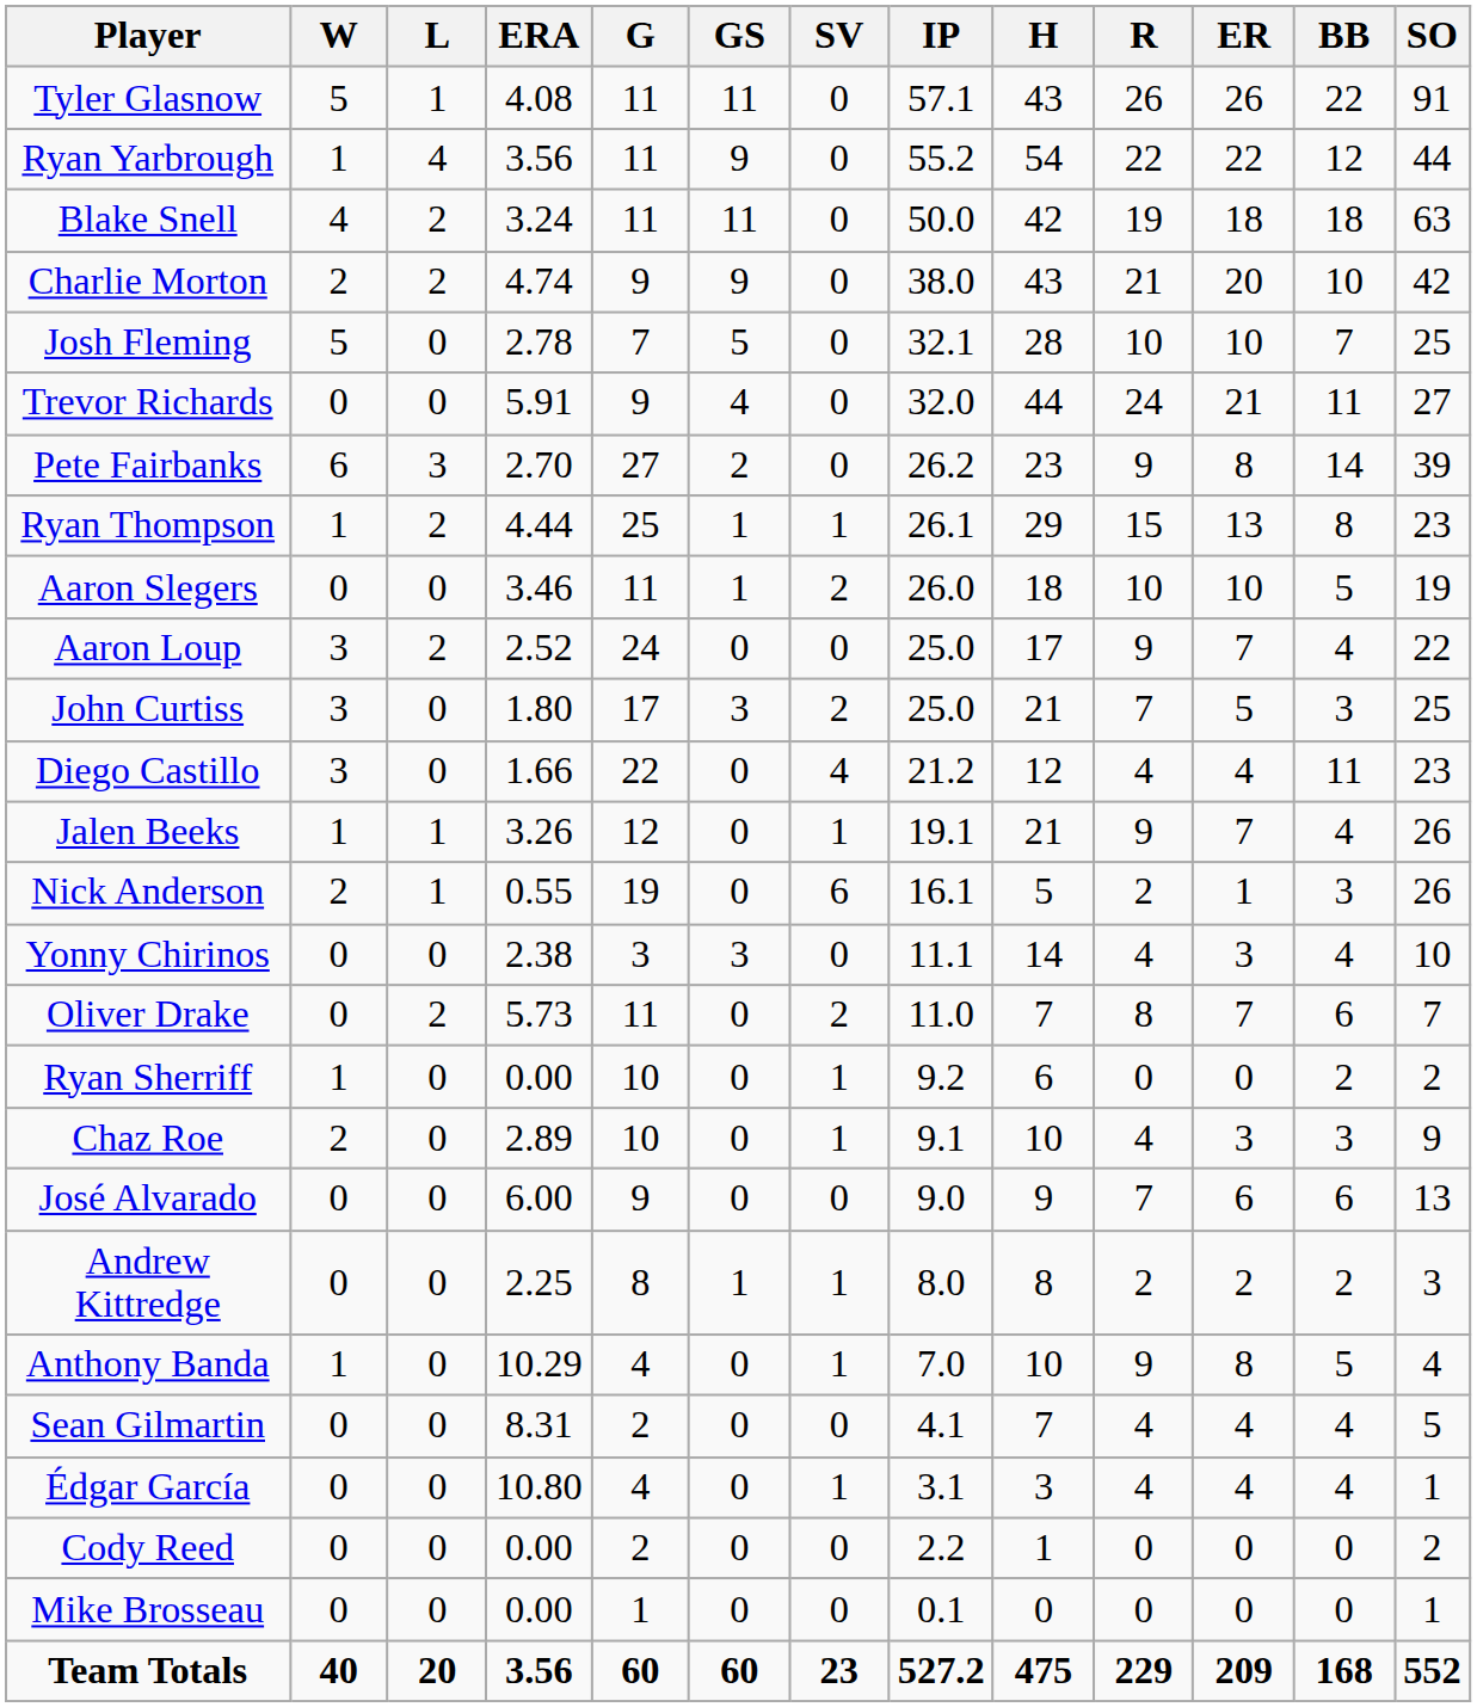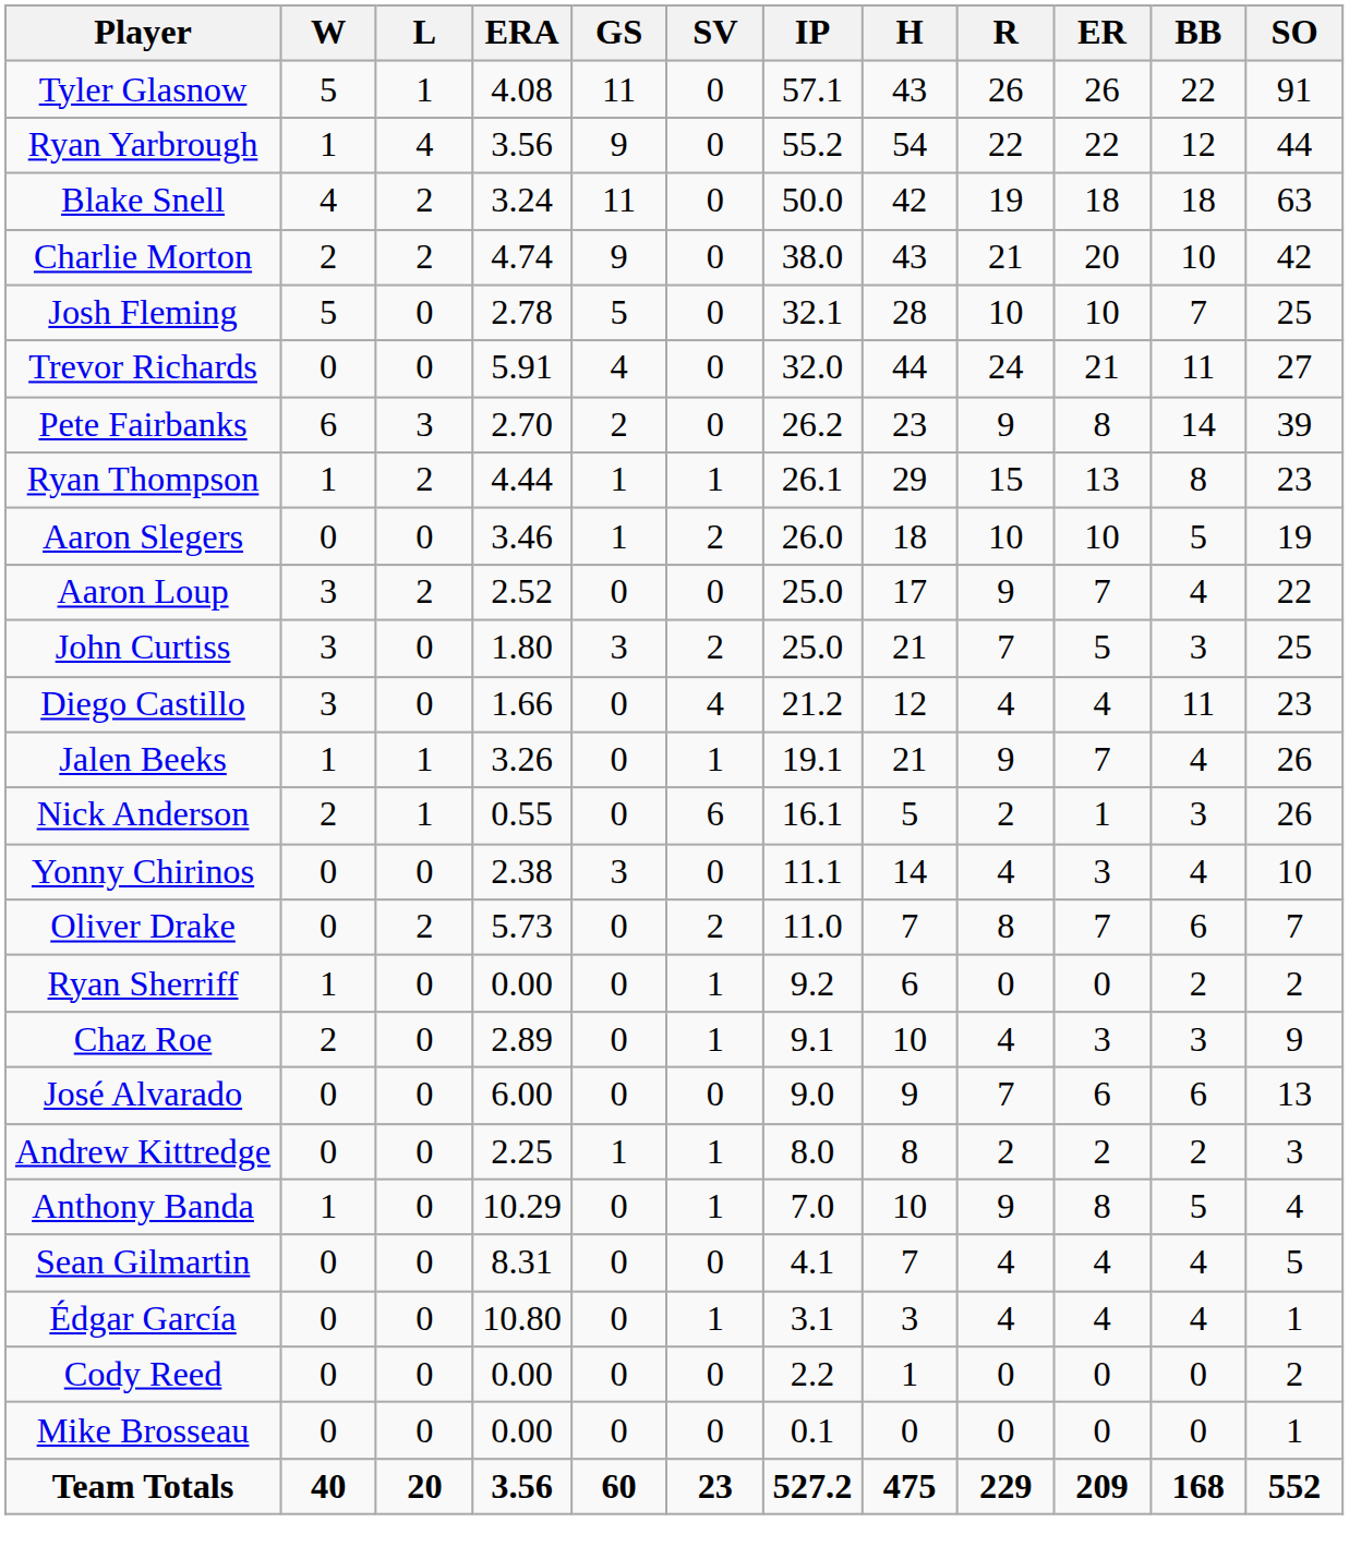 <table class=wikitable style="text-align:center">
 <tr>
 <th bgcolor=#DDDDFF; width="20%">Player</th>
 <th bgcolor=#DDDDFF; width="7%">W</th>
 <th bgcolor=#DDDDFF; width="7%">L</th>
 <th bgcolor=#DDDDFF; width="7%">ERA</th>
-<th bgcolor=#DDDDFF; width="7%">G</th>
 <th bgcolor=#DDDDFF; width="7%">GS</th>
 <th bgcolor=#DDDDFF; width="7%">SV</th>
 <th bgcolor=#DDDDFF; width="7%">IP</th>
 <th bgcolor=#DDDDFF; width="7%">H</th>
 <th bgcolor=#DDDDFF; width="7%">R</th>
 <th bgcolor=#DDDDFF; width="7%'">ER</th>
 <th bgcolor=#DDDDFF; width="7%">BB</th>
 <th bgcolor=#DDDDFF; width="7%">SO</th>
 </tr>
 <tr>
 <td><a href='#'>Tyler Glasnow</a></td>
 <td>5</td>
 <td>1</td>
 <td>4.08</td>
 <td>11</td>
-<td>11</td>
 <td>0</td>
 <td>57.1</td>
 <td>43</td>
 <td>26</td>
 <td>26</td>
 <td>22</td>
 <td>91</td>
 </tr>
 <tr>
 <td><a href='#'>Ryan Yarbrough</a></td>
 <td>1</td>
 <td>4</td>
 <td>3.56</td>
-<td>11</td>
 <td>9</td>
 <td>0</td>
 <td>55.2</td>
 <td>54</td>
 <td>22</td>
 <td>22</td>
 <td>12</td>
 <td>44</td>
 </tr>
 <tr>
 <td><a href='#'>Blake Snell</a></td>
 <td>4</td>
 <td>2</td>
 <td>3.24</td>
 <td>11</td>
-<td>11</td>
 <td>0</td>
 <td>50.0</td>
 <td>42</td>
 <td>19</td>
 <td>18</td>
 <td>18</td>
 <td>63</td>
 </tr>
 <tr>
 <td><a href='#'>Charlie Morton</a></td>
 <td>2</td>
 <td>2</td>
 <td>4.74</td>
 <td>9</td>
-<td>9</td>
 <td>0</td>
 <td>38.0</td>
 <td>43</td>
 <td>21</td>
 <td>20</td>
 <td>10</td>
 <td>42</td>
 </tr>
 <tr>
 <td><a href='#'>Josh Fleming</a></td>
 <td>5</td>
 <td>0</td>
 <td>2.78</td>
-<td>7</td>
 <td>5</td>
 <td>0</td>
 <td>32.1</td>
 <td>28</td>
 <td>10</td>
 <td>10</td>
 <td>7</td>
 <td>25</td>
 </tr>
 <tr>
 <td><a href='#'>Trevor Richards</a></td>
 <td>0</td>
 <td>0</td>
 <td>5.91</td>
-<td>9</td>
 <td>4</td>
 <td>0</td>
 <td>32.0</td>
 <td>44</td>
 <td>24</td>
 <td>21</td>
 <td>11</td>
 <td>27</td>
 </tr>
 <tr>
 <td><a href='#'>Pete Fairbanks</a></td>
 <td>6</td>
 <td>3</td>
 <td>2.70</td>
-<td>27</td>
 <td>2</td>
 <td>0</td>
 <td>26.2</td>
 <td>23</td>
 <td>9</td>
 <td>8</td>
 <td>14</td>
 <td>39</td>
 </tr>
 <tr>
 <td><a href='#'>Ryan Thompson</a></td>
 <td>1</td>
 <td>2</td>
 <td>4.44</td>
-<td>25</td>
 <td>1</td>
 <td>1</td>
 <td>26.1</td>
 <td>29</td>
 <td>15</td>
 <td>13</td>
 <td>8</td>
 <td>23</td>
 </tr>
 <tr>
 <td><a href='#'>Aaron Slegers</a></td>
 <td>0</td>
 <td>0</td>
 <td>3.46</td>
-<td>11</td>
 <td>1</td>
 <td>2</td>
 <td>26.0</td>
 <td>18</td>
 <td>10</td>
 <td>10</td>
 <td>5</td>
 <td>19</td>
 </tr>
 <tr>
 <td><a href='#'>Aaron Loup</a></td>
 <td>3</td>
 <td>2</td>
 <td>2.52</td>
-<td>24</td>
 <td>0</td>
 <td>0</td>
 <td>25.0</td>
 <td>17</td>
 <td>9</td>
 <td>7</td>
 <td>4</td>
 <td>22</td>
 </tr>
 <tr>
 <td><a href='#'>John Curtiss</a></td>
 <td>3</td>
 <td>0</td>
 <td>1.80</td>
-<td>17</td>
 <td>3</td>
 <td>2</td>
 <td>25.0</td>
 <td>21</td>
 <td>7</td>
 <td>5</td>
 <td>3</td>
 <td>25</td>
 </tr>
 <tr>
 <td><a href='#'>Diego Castillo</a></td>
 <td>3</td>
 <td>0</td>
 <td>1.66</td>
-<td>22</td>
 <td>0</td>
 <td>4</td>
 <td>21.2</td>
 <td>12</td>
 <td>4</td>
 <td>4</td>
 <td>11</td>
 <td>23</td>
 </tr>
 <tr>
 <td><a href='#'>Jalen Beeks</a></td>
 <td>1</td>
 <td>1</td>
 <td>3.26</td>
-<td>12</td>
 <td>0</td>
 <td>1</td>
 <td>19.1</td>
 <td>21</td>
 <td>9</td>
 <td>7</td>
 <td>4</td>
 <td>26</td>
 </tr>
 <tr>
 <td><a href='#'>Nick Anderson</a></td>
 <td>2</td>
 <td>1</td>
 <td>0.55</td>
-<td>19</td>
 <td>0</td>
 <td>6</td>
 <td>16.1</td>
 <td>5</td>
 <td>2</td>
 <td>1</td>
 <td>3</td>
 <td>26</td>
 </tr>
 <tr>
 <td><a href='#'>Yonny Chirinos</a></td>
 <td>0</td>
 <td>0</td>
 <td>2.38</td>
 <td>3</td>
-<td>3</td>
 <td>0</td>
 <td>11.1</td>
 <td>14</td>
 <td>4</td>
 <td>3</td>
 <td>4</td>
 <td>10</td>
 </tr>
 <tr>
 <td><a href='#'>Oliver Drake</a></td>
 <td>0</td>
 <td>2</td>
 <td>5.73</td>
-<td>11</td>
 <td>0</td>
 <td>2</td>
 <td>11.0</td>
 <td>7</td>
 <td>8</td>
 <td>7</td>
 <td>6</td>
 <td>7</td>
 </tr>
 <tr>
 <td><a href='#'>Ryan Sherriff</a></td>
 <td>1</td>
 <td>0</td>
 <td>0.00</td>
-<td>10</td>
 <td>0</td>
 <td>1</td>
 <td>9.2</td>
 <td>6</td>
 <td>0</td>
 <td>0</td>
 <td>2</td>
 <td>2</td>
 </tr>
 <tr>
 <td><a href='#'>Chaz Roe</a></td>
 <td>2</td>
 <td>0</td>
 <td>2.89</td>
-<td>10</td>
 <td>0</td>
 <td>1</td>
 <td>9.1</td>
 <td>10</td>
 <td>4</td>
 <td>3</td>
 <td>3</td>
 <td>9</td>
 </tr>
 <tr>
 <td><a href='#'>José Alvarado</a></td>
 <td>0</td>
 <td>0</td>
 <td>6.00</td>
-<td>9</td>
 <td>0</td>
 <td>0</td>
 <td>9.0</td>
 <td>9</td>
 <td>7</td>
 <td>6</td>
 <td>6</td>
 <td>13</td>
 </tr>
 <tr>
 <td><a href='#'>Andrew Kittredge</a></td>
 <td>0</td>
 <td>0</td>
 <td>2.25</td>
-<td>8</td>
 <td>1</td>
 <td>1</td>
 <td>8.0</td>
 <td>8</td>
 <td>2</td>
 <td>2</td>
 <td>2</td>
 <td>3</td>
 </tr>
 <tr>
 <td><a href='#'>Anthony Banda</a></td>
 <td>1</td>
 <td>0</td>
 <td>10.29</td>
-<td>4</td>
 <td>0</td>
 <td>1</td>
 <td>7.0</td>
 <td>10</td>
 <td>9</td>
 <td>8</td>
 <td>5</td>
 <td>4</td>
 </tr>
 <tr>
 <td><a href='#'>Sean Gilmartin</a></td>
 <td>0</td>
 <td>0</td>
 <td>8.31</td>
-<td>2</td>
 <td>0</td>
 <td>0</td>
 <td>4.1</td>
 <td>7</td>
 <td>4</td>
 <td>4</td>
 <td>4</td>
 <td>5</td>
 </tr>
 <tr>
 <td><a href='#'>Édgar García</a></td>
 <td>0</td>
 <td>0</td>
 <td>10.80</td>
-<td>4</td>
 <td>0</td>
 <td>1</td>
 <td>3.1</td>
 <td>3</td>
 <td>4</td>
 <td>4</td>
 <td>4</td>
 <td>1</td>
 </tr>
 <tr>
 <td><a href='#'>Cody Reed</a></td>
 <td>0</td>
 <td>0</td>
 <td>0.00</td>
-<td>2</td>
 <td>0</td>
 <td>0</td>
 <td>2.2</td>
 <td>1</td>
 <td>0</td>
 <td>0</td>
 <td>0</td>
 <td>2</td>
 </tr>
 <tr>
 <td><a href='#'>Mike Brosseau</a></td>
 <td>0</td>
 <td>0</td>
 <td>0.00</td>
-<td>1</td>
 <td>0</td>
 <td>0</td>
 <td>0.1</td>
 <td>0</td>
 <td>0</td>
 <td>0</td>
 <td>0</td>
 <td>1</td>
 </tr>
 <tr>
 <td><strong>Team Totals</strong></td>
 <td><strong>40</strong></td>
 <td><strong>20</strong></td>
 <td><strong>3.56</strong></td>
 <td><strong>60</strong></td>
-<td><strong>60</strong></td>
 <td><strong>23</strong></td>
 <td><strong>527.2</strong></td>
 <td><strong>475</strong></td>
 <td><strong>229</strong></td>
 <td><strong>209</strong></td>
 <td><strong>168</strong></td>
 <td><strong>552</strong></td>
 </tr>
 </table>
